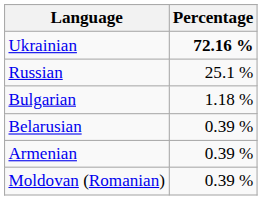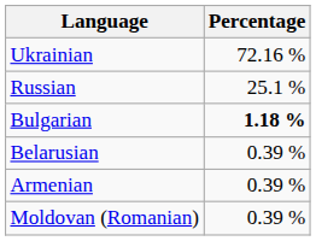 <table class="wikitable">
 <tr>
 <th>Language</th>
 <th>Percentage</th>
 </tr>
 <tr>
 <td><a href='#'>Ukrainian</a></td>
-<td align="right"><strong>72.16 %</strong></td>
+<td align="right">72.16 %</td>
 </tr>
 <tr>
 <td><a href='#'>Russian</a></td>
 <td align="right">25.1 %</td>
 </tr>
 <tr>
 <td><a href='#'>Bulgarian</a></td>
-<td align="right">1.18 %</td>
+<td align="right"><strong>1.18 %</strong></td>
 </tr>
 <tr>
 <td><a href='#'>Belarusian</a></td>
 <td align="right">0.39 %</td>
 </tr>
 <tr>
 <td><a href='#'>Armenian</a></td>
 <td align="right">0.39 %</td>
 </tr>
 <tr>
 <td><a href='#'>Moldovan</a> (<a href='#'>Romanian</a>)</td>
 <td align="right">0.39 %</td>
 </tr>
 </table>
